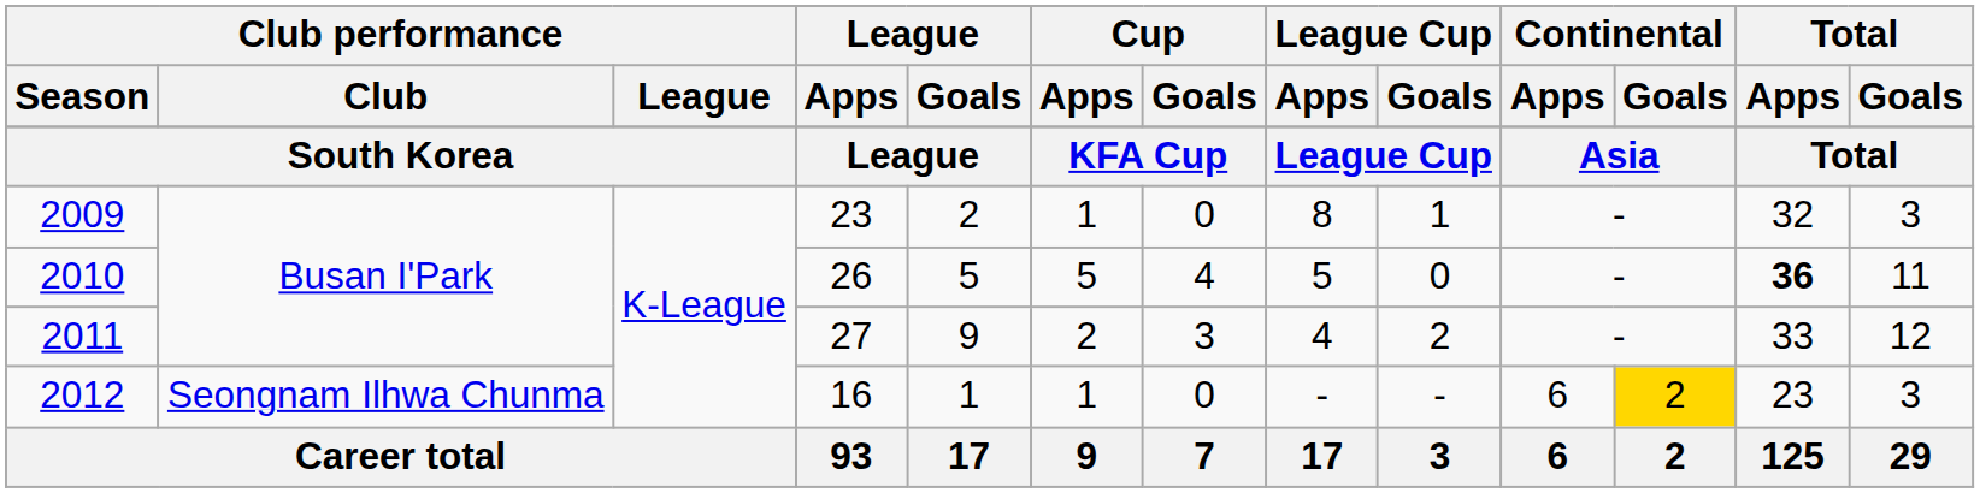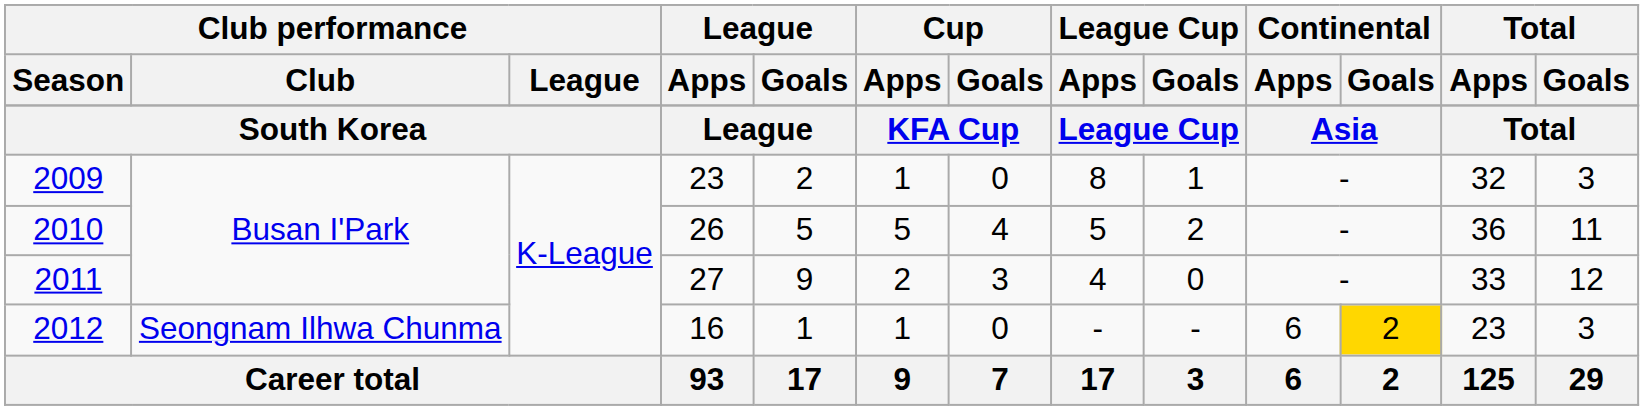 <table class="wikitable" style="text-align:center">
 <tr>
 <th colspan=3>Club performance</th>
 <th colspan=2>League</th>
 <th colspan=2>Cup</th>
 <th colspan=2>League Cup</th>
 <th colspan=2>Continental</th>
 <th colspan=2>Total</th>
 </tr>
 <tr>
 <th>Season</th>
 <th>Club</th>
 <th>League</th>
 <th>Apps</th>
 <th>Goals</th>
 <th>Apps</th>
 <th>Goals</th>
 <th>Apps</th>
 <th>Goals</th>
 <th>Apps</th>
 <th>Goals</th>
 <th>Apps</th>
 <th>Goals</th>
 </tr>
 <tr>
 </tr>
 <tr>
 <th colspan=3>South Korea</th>
 <th colspan=2>League</th>
 <th colspan=2><a href='#'>KFA Cup</a></th>
 <th colspan=2><a href='#'>League Cup</a></th>
 <th colspan=2><a href='#'>Asia</a></th>
 <th colspan=2>Total</th>
 </tr>
 <tr>
 <td><a href='#'>2009</a></td>
 <td rowspan="3"><a href='#'>Busan I'Park</a></td>
 <td rowspan="4"><a href='#'>K-League</a></td>
 <td>23</td>
 <td>2</td>
 <td>1</td>
 <td>0</td>
 <td>8</td>
 <td>1</td>
 <td colspan="2">-</td>
 <td>32</td>
 <td>3</td>
 </tr>
 <tr>
 <td><a href='#'>2010</a></td>
 <td>26</td>
 <td>5</td>
 <td>5</td>
 <td>4</td>
 <td>5</td>
-<td>0</td>
+<td>2</td>
 <td colspan="2">-</td>
-<td><strong>36</strong></td>
+<td>36</td>
 <td>11</td>
 </tr>
 <tr>
 <td><a href='#'>2011</a></td>
 <td>27</td>
 <td>9</td>
 <td>2</td>
 <td>3</td>
 <td>4</td>
-<td>2</td>
+<td>0</td>
 <td colspan="2">-</td>
 <td>33</td>
 <td>12</td>
 </tr>
 <tr>
 <td><a href='#'>2012</a></td>
 <td rowspan="1"><a href='#'>Seongnam Ilhwa Chunma</a></td>
 <td>16</td>
 <td>1</td>
 <td>1</td>
 <td>0</td>
 <td>-</td>
 <td>-</td>
 <td>6</td>
 <td style="background: gold;">2</td>
 <td>23</td>
 <td>3</td>
 </tr>
 <tr>
 <th colspan=3>Career total</th>
 <th>93</th>
 <th>17</th>
 <th>9</th>
 <th>7</th>
 <th>17</th>
 <th>3</th>
 <th>6</th>
 <th>2</th>
 <th>125</th>
 <th>29</th>
 </tr>
 </table>
